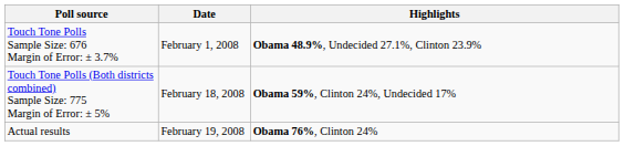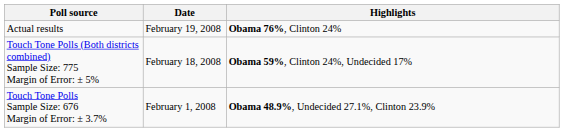 <table class="wikitable sortable">
 <tr>
 <th width="25%">Poll source</th>
 <th width="15%">Date</th>
 <th width="60%">Highlights</th>
 </tr>
 <tr>
-<td><a href='#'>Touch Tone Polls</a><br>Sample Size: 676<br> Margin of Error: ± 3.7%</td>
-<td>February 1, 2008</td>
-<td><strong>Obama 48.9%</strong>, Undecided 27.1%, Clinton 23.9%</td>
+<td>Actual results</td>
+<td>February 19, 2008</td>
+<td><strong>Obama 76%</strong>, Clinton 24%</td>
 </tr>
 <tr>
 <td><a href='#'>Touch Tone Polls (Both districts combined)</a><br>Sample Size: 775<br> Margin of Error: ± 5%</td>
 <td>February 18, 2008</td>
 <td><strong>Obama 59%</strong>, Clinton 24%, Undecided 17%</td>
 </tr>
 <tr>
-<td>Actual results</td>
-<td>February 19, 2008</td>
-<td><strong>Obama 76%</strong>, Clinton 24%</td>
+<td><a href='#'>Touch Tone Polls</a><br>Sample Size: 676<br> Margin of Error: ± 3.7%</td>
+<td>February 1, 2008</td>
+<td><strong>Obama 48.9%</strong>, Undecided 27.1%, Clinton 23.9%</td>
 </tr>
 </table>
